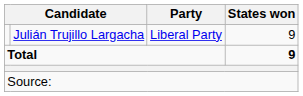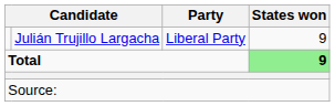 <table class="wikitable sortable">
 <tr>
 <th colspan=2>Candidate</th>
 <th>Party</th>
 <th>States won</th>
 </tr>
 <tr>
 <td bgcolor=></td>
 <td align=left><a href='#'>Julián Trujillo Largacha</a></td>
 <td align=left><a href='#'>Liberal Party</a></td>
 <td align=right>9</td>
 </tr>
 <tr class=sortbottom>
 <td align=left colspan=3><strong>Total</strong></td>
-<td align=right><strong>9</strong></td>
+<td align=right style="background: lightgreen;"><strong>9</strong></td>
 </tr>
 <tr class=sortbottom>
 <th colspan=4></th>
 </tr>
 <tr class=sortbottom>
 <td align=left colspan=4>Source: </td>
 </tr>
 </table>
